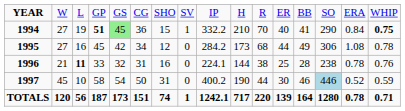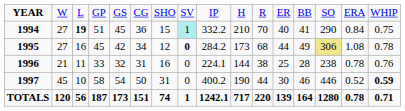 <table class="sortable wikitable">
 <tr align=center>
 <td><strong>YEAR</strong></td>
 <td><a href='#'>W</a></td>
 <td><a href='#'>L</a></td>
 <td><a href='#'>GP</a></td>
 <td><a href='#'>GS</a></td>
 <td><a href='#'>CG</a></td>
 <td><a href='#'>SHO</a></td>
 <td><a href='#'>SV</a></td>
 <td><a href='#'>IP</a></td>
 <td><a href='#'>H</a></td>
 <td><a href='#'>R</a></td>
 <td><a href='#'>ER</a></td>
 <td><a href='#'>BB</a></td>
 <td><a href='#'>SO</a></td>
 <td><a href='#'>ERA</a></td>
 <td><a href='#'>WHIP</a></td>
 </tr>
 <tr align=center>
 <td><strong>1994</strong></td>
 <td>27</td>
-<td>19</td>
-<td><strong>51</strong></td>
-<td style="background: lightgreen;">45</td>
+<td><strong>19</strong></td>
+<td>51</td>
+<td>45</td>
 <td>36</td>
 <td>15</td>
-<td>1</td>
+<td style="background: paleturquoise;">1</td>
 <td>332.2</td>
 <td>210</td>
 <td>70</td>
 <td>40</td>
 <td>41</td>
 <td>290</td>
 <td>0.84</td>
-<td><strong>0.75</strong></td>
+<td>0.75</td>
 </tr>
 <tr align=center>
 <td><strong>1995</strong></td>
 <td>27</td>
 <td>16</td>
 <td>45</td>
 <td>42</td>
 <td>34</td>
 <td>12</td>
-<td>0</td>
+<td><strong>0</strong></td>
 <td>284.2</td>
 <td>173</td>
 <td>68</td>
 <td>44</td>
 <td>49</td>
-<td>306</td>
+<td style="background: khaki;">306</td>
 <td>1.08</td>
 <td>0.78</td>
 </tr>
 <tr align=center>
 <td><strong>1996</strong></td>
 <td>21</td>
-<td><strong>11</strong></td>
+<td>11</td>
 <td>33</td>
 <td>32</td>
 <td>31</td>
 <td>16</td>
 <td>0</td>
 <td>224.1</td>
 <td>144</td>
 <td>38</td>
 <td>25</td>
 <td>28</td>
 <td>238</td>
 <td>0.78</td>
 <td>0.76</td>
 </tr>
 <tr align=center>
 <td><strong>1997</strong></td>
 <td>45</td>
 <td>10</td>
 <td>58</td>
 <td>54</td>
 <td>50</td>
 <td>31</td>
 <td>0</td>
 <td>400.2</td>
 <td>190</td>
 <td>44</td>
 <td>30</td>
 <td>46</td>
-<td style="background: lightblue;">446</td>
+<td>446</td>
 <td>0.52</td>
-<td>0.59</td>
+<td><strong>0.59</strong></td>
 </tr>
 <tr align=center>
 <td><strong>TOTALS</strong></td>
 <td><strong>120</strong></td>
 <td><strong>56</strong></td>
 <td><strong>187</strong></td>
 <td><strong>173</strong></td>
 <td><strong>151</strong></td>
 <td><strong>74</strong></td>
 <td><strong>1</strong></td>
 <td><strong>1242.1</strong></td>
 <td><strong>717</strong></td>
 <td><strong>220</strong></td>
 <td><strong>139</strong></td>
 <td><strong>164</strong></td>
 <td><strong>1280</strong></td>
 <td><strong>0.78</strong></td>
 <td><strong>0.71</strong></td>
 </tr>
 </table>
